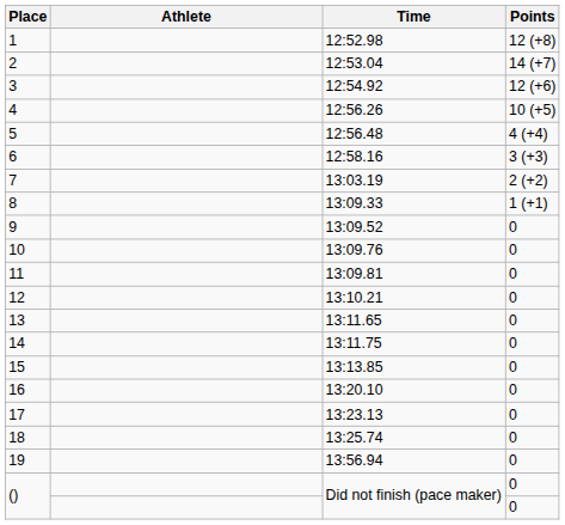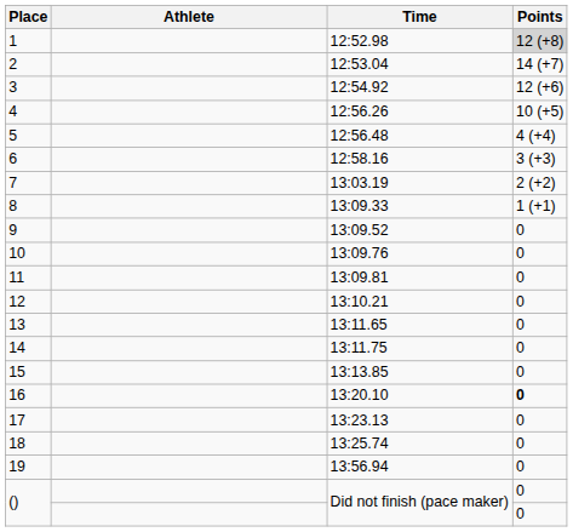 <table class="wikitable sortable">
 <tr>
 <th>Place</th>
 <th style="width:18em">Athlete</th>
 <th style="width:12em">Time</th>
 <th>Points</th>
 </tr>
 <tr>
 <td>1</td>
 <td></td>
 <td>12:52.98  </td>
-<td>12 (+8)</td>
+<td style="background: lightgrey;">12 (+8)</td>
 </tr>
 <tr>
 <td>2</td>
 <td></td>
 <td>12:53.04</td>
 <td>14 (+7)</td>
 </tr>
 <tr>
 <td>3</td>
 <td></td>
 <td>12:54.92</td>
 <td>12 (+6)</td>
 </tr>
 <tr>
 <td>4</td>
 <td></td>
 <td>12:56.26 </td>
 <td>10 (+5)</td>
 </tr>
 <tr>
 <td>5</td>
 <td></td>
 <td>12:56.48</td>
 <td>4 (+4)</td>
 </tr>
 <tr>
 <td>6</td>
 <td></td>
 <td>12:58.16 </td>
 <td>3 (+3)</td>
 </tr>
 <tr>
 <td>7</td>
 <td></td>
 <td>13:03.19 </td>
 <td>2 (+2)</td>
 </tr>
 <tr>
 <td>8</td>
 <td></td>
 <td>13:09.33</td>
 <td>1 (+1)</td>
 </tr>
 <tr>
 <td>9</td>
 <td></td>
 <td>13:09.52 </td>
 <td>0</td>
 </tr>
 <tr>
 <td>10</td>
 <td></td>
 <td>13:09.76 </td>
 <td>0</td>
 </tr>
 <tr>
 <td>11</td>
 <td></td>
 <td>13:09.81</td>
 <td>0</td>
 </tr>
 <tr>
 <td>12</td>
 <td></td>
 <td>13:10.21</td>
 <td>0</td>
 </tr>
 <tr>
 <td>13</td>
 <td></td>
 <td>13:11.65 </td>
 <td>0</td>
 </tr>
 <tr>
 <td>14</td>
 <td></td>
 <td>13:11.75 </td>
 <td>0</td>
 </tr>
 <tr>
 <td>15</td>
 <td></td>
 <td>13:13.85</td>
 <td>0</td>
 </tr>
 <tr>
 <td>16</td>
 <td></td>
 <td>13:20.10 </td>
-<td>0</td>
+<td><strong>0</strong></td>
 </tr>
 <tr>
 <td>17</td>
 <td></td>
 <td>13:23.13</td>
 <td>0</td>
 </tr>
 <tr>
 <td>18</td>
 <td></td>
 <td>13:25.74 </td>
 <td>0</td>
 </tr>
 <tr>
 <td>19</td>
 <td></td>
 <td>13:56.94</td>
 <td>0</td>
 </tr>
 <tr>
 <td rowspan=2 data-sort-value=20> ()</td>
 <td></td>
 <td rowspan=2>Did not finish (pace maker)</td>
 <td>0</td>
 </tr>
 <tr>
 <td></td>
 <td>0</td>
 </tr>
 </table>
